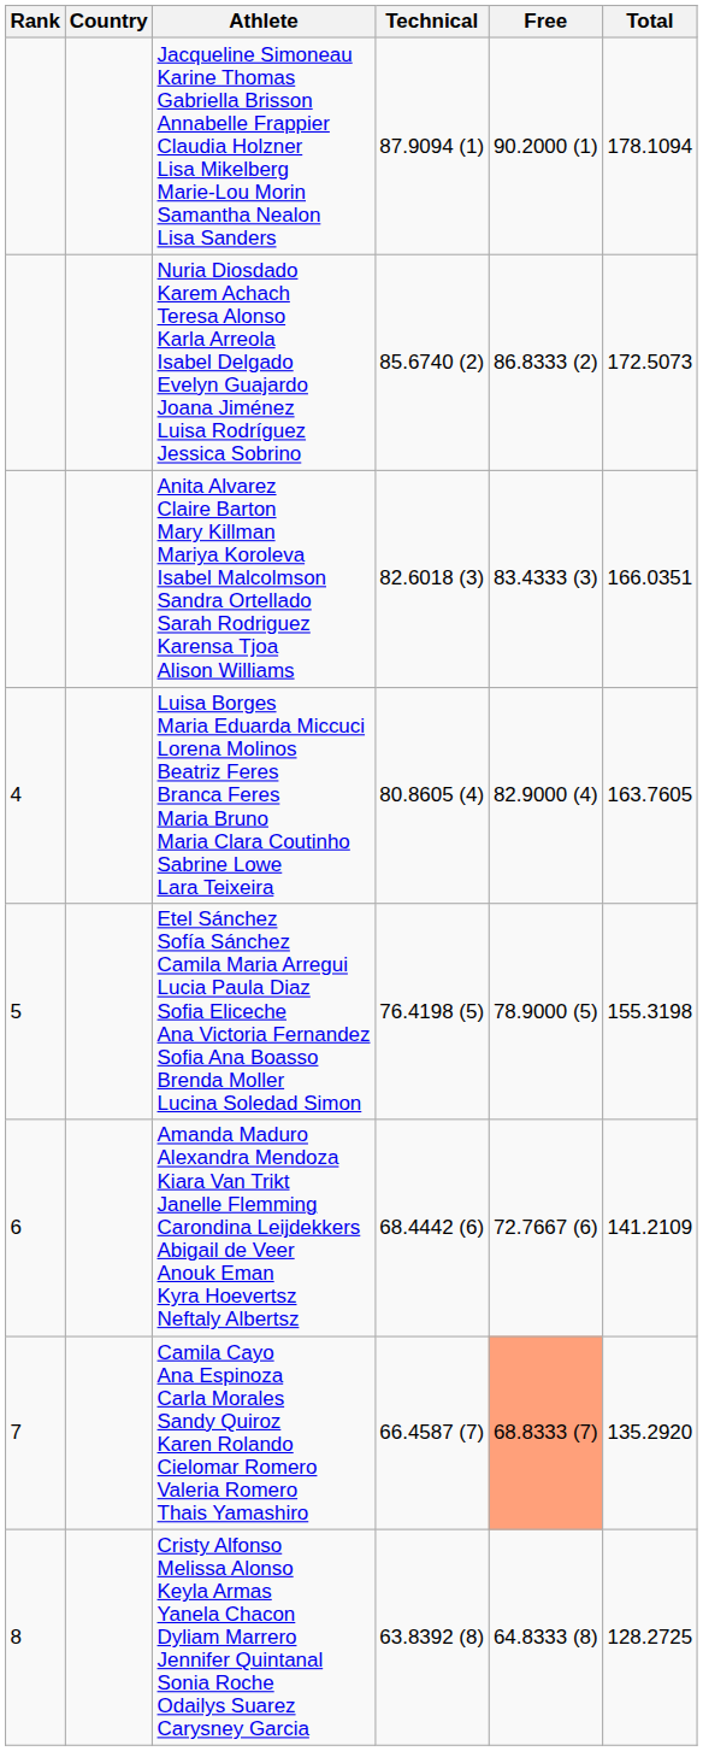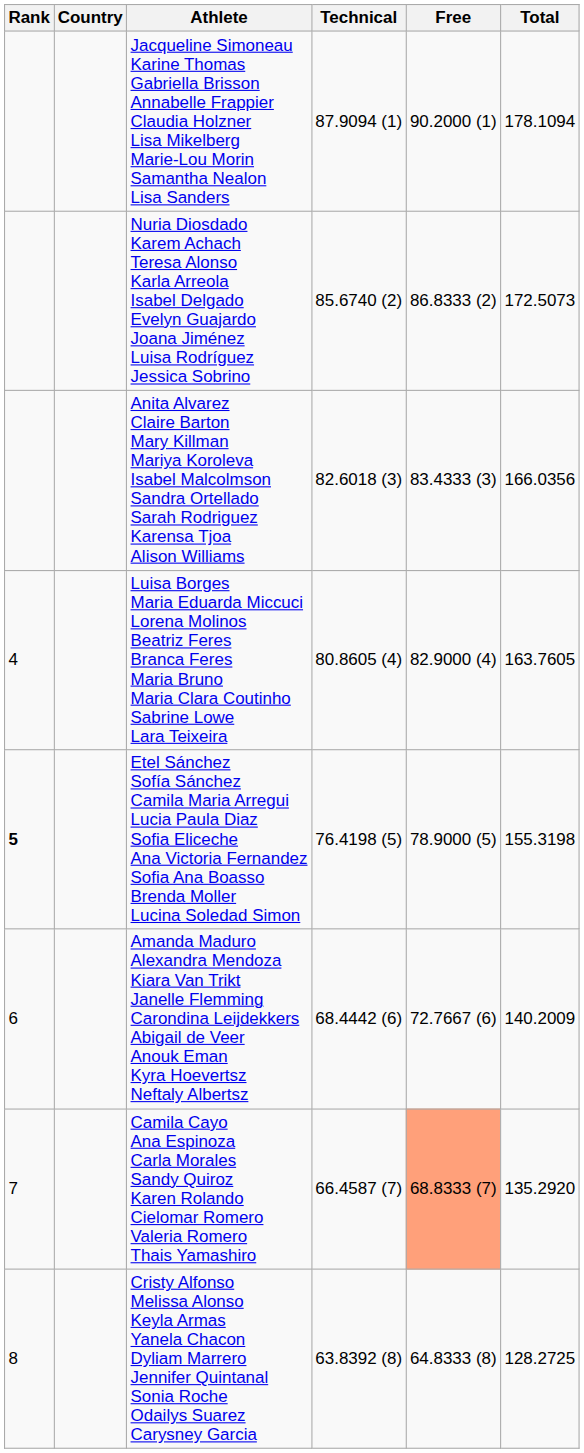 <table class="wikitable">
 <tr>
 <th>Rank</th>
 <th>Country</th>
 <th>Athlete</th>
 <th>Technical</th>
 <th>Free</th>
 <th>Total</th>
 </tr>
 <tr>
 <td></td>
 <td></td>
 <td align=left><a href='#'>Jacqueline Simoneau</a><br><a href='#'>Karine Thomas</a><br><a href='#'>Gabriella Brisson</a> <br><a href='#'>Annabelle Frappier</a><br><a href='#'>Claudia Holzner</a> <br> <a href='#'>Lisa Mikelberg</a><br><a href='#'>Marie-Lou Morin</a><br><a href='#'>Samantha Nealon</a><br><a href='#'>Lisa Sanders</a></td>
 <td>87.9094 (1)</td>
 <td>90.2000 (1)</td>
 <td>178.1094</td>
 </tr>
 <tr>
 <td></td>
 <td></td>
 <td align=left><a href='#'>Nuria Diosdado</a><br><a href='#'>Karem Achach</a><br><a href='#'>Teresa Alonso</a><br><a href='#'>Karla Arreola</a><br><a href='#'>Isabel Delgado</a><br><a href='#'>Evelyn Guajardo</a><br><a href='#'>Joana Jiménez</a><br><a href='#'>Luisa Rodríguez</a><br><a href='#'>Jessica Sobrino</a></td>
 <td>85.6740 (2)</td>
 <td>86.8333 (2)</td>
 <td>172.5073</td>
 </tr>
 <tr>
 <td></td>
 <td></td>
 <td align=left><a href='#'>Anita Alvarez</a><br><a href='#'>Claire Barton</a><br><a href='#'>Mary Killman</a><br><a href='#'>Mariya Koroleva</a><br><a href='#'>Isabel Malcolmson</a><br><a href='#'>Sandra Ortellado</a><br><a href='#'>Sarah Rodriguez</a><br><a href='#'>Karensa Tjoa</a><br><a href='#'>Alison Williams</a></td>
 <td>82.6018 (3)</td>
 <td>83.4333 (3)</td>
-<td>166.0351</td>
+<td>166.0356</td>
 </tr>
 <tr>
 <td>4</td>
 <td></td>
 <td align=left><a href='#'>Luisa Borges</a><br><a href='#'>Maria Eduarda Miccuci</a><br><a href='#'>Lorena Molinos</a><br><a href='#'>Beatriz Feres</a><br><a href='#'>Branca Feres</a><br><a href='#'>Maria Bruno</a><br><a href='#'>Maria Clara Coutinho</a><br><a href='#'>Sabrine Lowe</a><br><a href='#'>Lara Teixeira</a></td>
 <td>80.8605 (4)</td>
 <td>82.9000 (4)</td>
 <td>163.7605</td>
 </tr>
 <tr>
-<td>5</td>
+<td><strong>5</strong></td>
 <td></td>
 <td align=left><a href='#'>Etel Sánchez</a><br><a href='#'>Sofía Sánchez</a><br><a href='#'>Camila Maria Arregui</a><br><a href='#'>Lucia Paula Diaz</a><br><a href='#'>Sofia Eliceche</a><br><a href='#'>Ana Victoria Fernandez</a><br><a href='#'>Sofia Ana Boasso</a><br><a href='#'>Brenda Moller</a><br><a href='#'>Lucina Soledad Simon</a></td>
 <td>76.4198 (5)</td>
 <td>78.9000 (5)</td>
 <td>155.3198</td>
 </tr>
 <tr>
 <td>6</td>
 <td></td>
 <td align=left><a href='#'>Amanda Maduro</a><br><a href='#'>Alexandra Mendoza</a><br><a href='#'>Kiara Van Trikt</a><br><a href='#'>Janelle Flemming</a><br><a href='#'>Carondina Leijdekkers</a><br><a href='#'>Abigail de Veer</a><br><a href='#'>Anouk Eman</a><br><a href='#'>Kyra Hoevertsz</a><br><a href='#'>Neftaly Albertsz</a></td>
 <td>68.4442 (6)</td>
 <td>72.7667 (6)</td>
-<td>141.2109</td>
+<td>140.2009</td>
 </tr>
 <tr>
 <td>7</td>
 <td></td>
 <td align=left><a href='#'>Camila Cayo</a><br><a href='#'>Ana Espinoza</a><br><a href='#'>Carla Morales</a> <br><a href='#'>Sandy Quiroz</a><br><a href='#'>Karen Rolando</a> <br> <a href='#'>Cielomar Romero</a><br><a href='#'>Valeria Romero</a><br><a href='#'>Thais Yamashiro</a></td>
 <td>66.4587 (7)</td>
 <td style="background: lightsalmon;">68.8333 (7)</td>
 <td>135.2920</td>
 </tr>
 <tr>
 <td>8</td>
 <td></td>
 <td align=left><a href='#'>Cristy Alfonso</a><br><a href='#'>Melissa Alonso</a><br><a href='#'>Keyla Armas</a> <br><a href='#'>Yanela Chacon</a><br><a href='#'>Dyliam Marrero</a> <br> <a href='#'>Jennifer Quintanal</a><br><a href='#'>Sonia Roche</a><br><a href='#'>Odailys Suarez</a><br><a href='#'>Carysney Garcia</a></td>
 <td>63.8392 (8)</td>
 <td>64.8333 (8)</td>
 <td>128.2725</td>
 </tr>
 </table>
